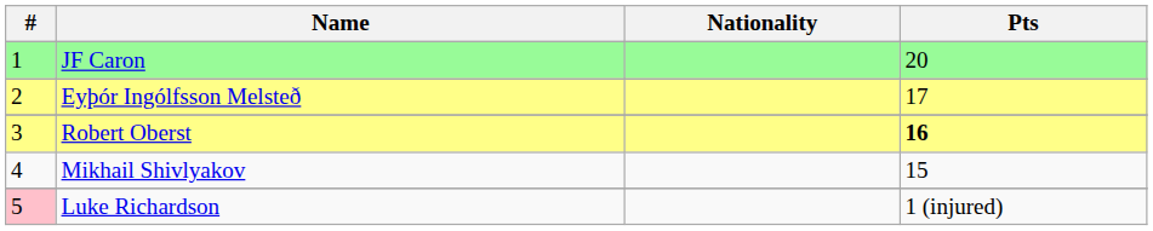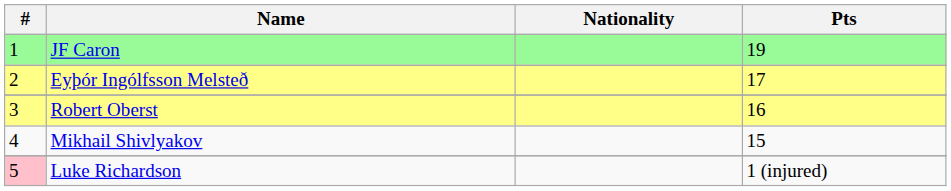 <table class="wikitable" style="display: inline-table; width: 50%;">
 <tr>
 <th>#</th>
 <th>Name</th>
 <th>Nationality</th>
 <th>Pts</th>
 </tr>
 <tr>
 </tr>
 <tr style="background:palegreen">
 <td>1</td>
 <td><a href='#'>JF Caron</a></td>
 <td></td>
-<td>20</td>
+<td>19</td>
 </tr>
 <tr>
 </tr>
 <tr style="background:#ff8">
 <td>2</td>
 <td><a href='#'>Eyþór Ingólfsson Melsteð</a></td>
 <td></td>
 <td>17</td>
 </tr>
 <tr>
 </tr>
 <tr style="background:#ff8">
 <td>3</td>
 <td><a href='#'>Robert Oberst</a></td>
 <td></td>
-<td><strong>16</strong></td>
+<td>16</td>
 </tr>
 <tr>
 <td>4</td>
 <td><a href='#'>Mikhail Shivlyakov</a></td>
 <td></td>
 <td>15</td>
 </tr>
 <tr>
 </tr>
 <tr>
 <td style="background: pink;">5</td>
 <td><a href='#'>Luke Richardson</a></td>
 <td></td>
 <td>1 (injured)</td>
 </tr>
 </table>
